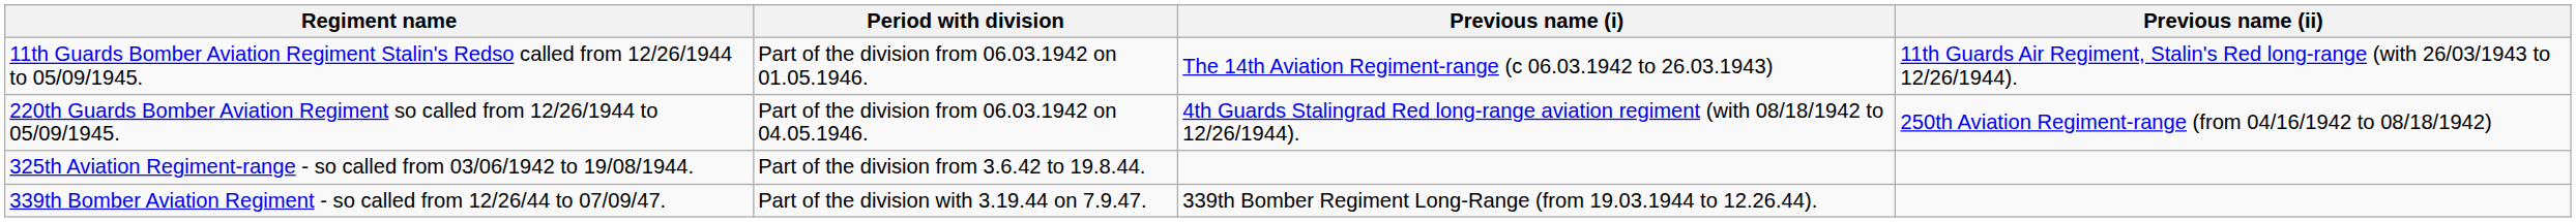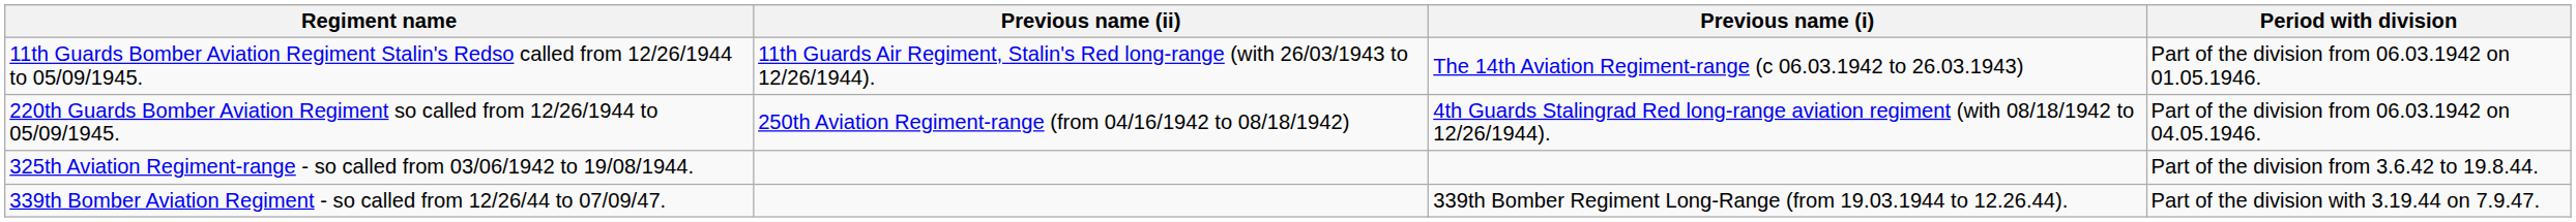 <table class="wikitable">
 <tr style="background:#ccc;">
 <th>Regiment name</th>
+<th>Previous name (ii)</th>
+<th>Previous name (i)</th>
 <th>Period with division</th>
-<th>Previous name (i)</th>
-<th>Previous name (ii)</th>
 </tr>
 <tr>
 <td><a href='#'>11th Guards Bomber Aviation Regiment Stalin's Redso</a> called from 12/26/1944 to 05/09/1945.</td>
+<td><a href='#'>11th Guards Air Regiment, Stalin's Red long-range</a> (with 26/03/1943 to 12/26/1944).</td>
+<td><a href='#'>The 14th Aviation Regiment-range</a> (c 06.03.1942 to 26.03.1943)</td>
 <td>Part of the division from 06.03.1942 on 01.05.1946.</td>
-<td><a href='#'>The 14th Aviation Regiment-range</a> (c 06.03.1942 to 26.03.1943)</td>
-<td><a href='#'>11th Guards Air Regiment, Stalin's Red long-range</a> (with 26/03/1943 to 12/26/1944).</td>
 </tr>
 <tr>
 <td><a href='#'>220th Guards Bomber Aviation Regiment</a> so called from 12/26/1944 to 05/09/1945.</td>
+<td><a href='#'>250th Aviation Regiment-range</a> (from 04/16/1942 to 08/18/1942)</td>
+<td><a href='#'>4th Guards Stalingrad Red long-range aviation regiment</a> (with 08/18/1942 to 12/26/1944).</td>
 <td>Part of the division from 06.03.1942 on 04.05.1946.</td>
-<td><a href='#'>4th Guards Stalingrad Red long-range aviation regiment</a> (with 08/18/1942 to 12/26/1944).</td>
-<td><a href='#'>250th Aviation Regiment-range</a> (from 04/16/1942 to 08/18/1942)</td>
 </tr>
 <tr>
 <td><a href='#'>325th Aviation Regiment-range</a> - so called from 03/06/1942 to 19/08/1944.</td>
-<td>Part of the division from 3.6.42 to 19.8.44.</td>
 <td></td>
 <td></td>
+<td>Part of the division from 3.6.42 to 19.8.44.</td>
 </tr>
 <tr>
 <td><a href='#'>339th Bomber Aviation Regiment</a> - so called from 12/26/44 to 07/09/47.</td>
+<td></td>
+<td>339th Bomber Regiment Long-Range (from 19.03.1944 to 12.26.44).</td>
 <td>Part of the division with 3.19.44 on 7.9.47.</td>
-<td>339th Bomber Regiment Long-Range (from 19.03.1944 to 12.26.44).</td>
-<td></td>
 </tr>
 </table>
